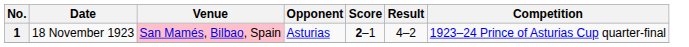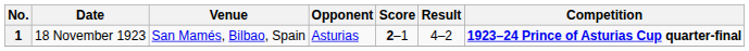 <table class="wikitable sortable plainrowheaders">
 <tr>
 <th scope=col>No.</th>
 <th scope=col>Date</th>
 <th scope=col>Venue</th>
 <th scope=col>Opponent</th>
 <th scope=col>Score</th>
 <th scope=col>Result</th>
 <th scope=col>Competition</th>
 </tr>
 <tr>
 <th scope=row style=text-align:center>1</th>
 <td>18 November 1923</td>
-<td style="background: pink;"><a href='#'>San Mamés</a>, <a href='#'>Bilbao</a>, Spain</td>
+<td><a href='#'>San Mamés</a>, <a href='#'>Bilbao</a>, Spain</td>
 <td> <a href='#'>Asturias</a></td>
 <td align=center><strong>2</strong>–1</td>
 <td align=center>4–2</td>
-<td><a href='#'>1923–24 Prince of Asturias Cup</a> quarter-final</td>
+<td><strong><a href='#'>1923–24 Prince of Asturias Cup</a> quarter-final</strong></td>
 </tr>
 <tr>
 </tr>
 </table>
